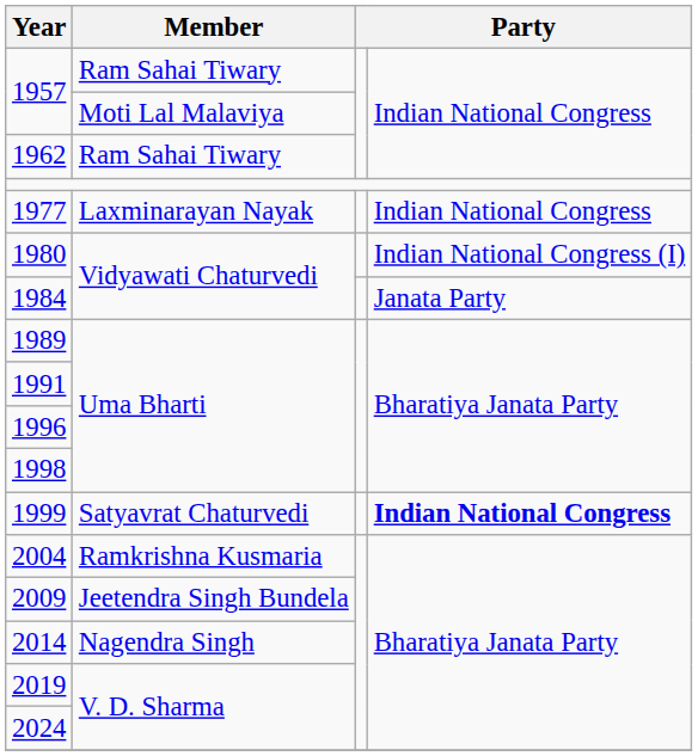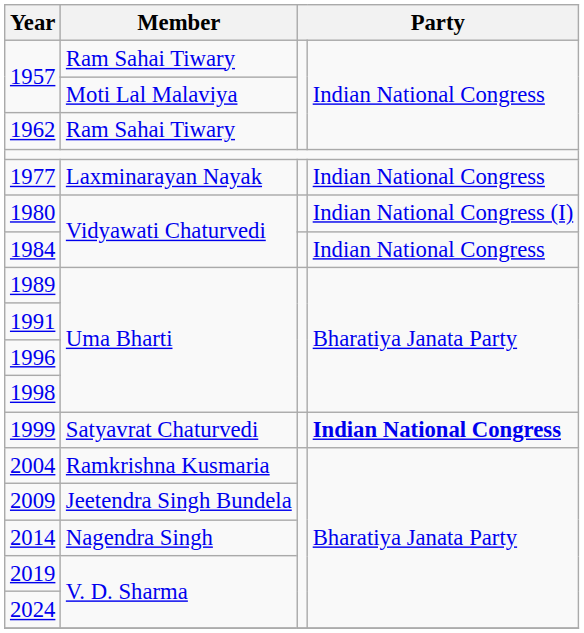 <table class="wikitable">
 <tr>
 <th>Year</th>
 <th>Member</th>
 <th colspan="2">Party</th>
 </tr>
 <tr>
 <td rowspan=2><a href='#'>1957</a></td>
 <td><a href='#'>Ram Sahai Tiwary</a></td>
 <td rowspan="3" style="background-color: "></td>
 <td rowspan="3"><a href='#'>Indian National Congress</a></td>
 </tr>
 <tr>
 <td><a href='#'>Moti Lal Malaviya</a></td>
 </tr>
 <tr>
 <td><a href='#'>1962</a></td>
 <td><a href='#'>Ram Sahai Tiwary</a></td>
 </tr>
 <tr>
 <td colspan="4"></td>
 </tr>
 <tr>
 <td><a href='#'>1977</a></td>
 <td><a href='#'>Laxminarayan Nayak</a></td>
 <td style="background-color: "></td>
 <td><a href='#'>Indian National Congress</a></td>
 </tr>
 <tr>
 <td><a href='#'>1980</a></td>
 <td rowspan="2"><a href='#'>Vidyawati Chaturvedi</a></td>
 <td style="background-color: "></td>
 <td><a href='#'>Indian National Congress (I)</a></td>
 </tr>
 <tr>
 <td><a href='#'>1984</a></td>
 <td style="background-color: "></td>
-<td><a href='#'>Janata Party</a></td>
+<td><a href='#'>Indian National Congress</a></td>
 </tr>
 <tr>
 <td><a href='#'>1989</a></td>
 <td rowspan="4"><a href='#'>Uma Bharti</a></td>
 <td rowspan="4" style="background-color: "></td>
 <td rowspan="4"><a href='#'>Bharatiya Janata Party</a></td>
 </tr>
 <tr>
 <td><a href='#'>1991</a></td>
 </tr>
 <tr>
 <td><a href='#'>1996</a></td>
 </tr>
 <tr>
 <td><a href='#'>1998</a></td>
 </tr>
 <tr>
 <td><a href='#'>1999</a></td>
 <td><a href='#'>Satyavrat Chaturvedi</a></td>
 <td style="background-color: "></td>
 <td><strong><a href='#'>Indian National Congress</a></strong></td>
 </tr>
 <tr>
 <td><a href='#'>2004</a></td>
 <td><a href='#'>Ramkrishna Kusmaria</a></td>
 <td rowspan="5" style="background-color: "></td>
 <td rowspan="5"><a href='#'>Bharatiya Janata Party</a></td>
 </tr>
 <tr>
 <td><a href='#'>2009</a></td>
 <td><a href='#'>Jeetendra Singh Bundela</a></td>
 </tr>
 <tr>
 <td><a href='#'>2014</a></td>
 <td><a href='#'>Nagendra Singh</a></td>
 </tr>
 <tr>
 <td><a href='#'>2019</a></td>
 <td rowspan=2><a href='#'>V. D. Sharma</a></td>
 </tr>
 <tr>
 <td><a href='#'>2024</a></td>
 </tr>
 <tr>
 </tr>
 </table>
